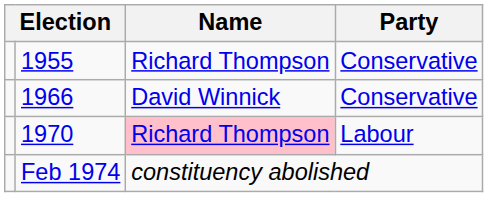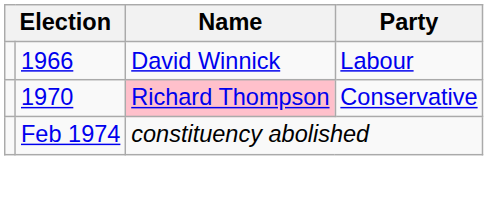 <table class="wikitable">
 <tr>
 <th colspan="2">Election</th>
 <th>Name</th>
 <th>Party</th>
 </tr>
 <tr>
 <td style="color:inherit;background-color: "></td>
-<td><a href='#'>1955</a></td>
-<td><a href='#'>Richard Thompson</a></td>
-<td><a href='#'>Conservative</a></td>
-</tr>
-<tr>
-<td style="color:inherit;background-color: "></td>
 <td><a href='#'>1966</a></td>
 <td><a href='#'>David Winnick</a></td>
-<td><a href='#'>Conservative</a></td>
+<td><a href='#'>Labour</a></td>
 </tr>
 <tr>
 <td style="color:inherit;background-color: "></td>
 <td><a href='#'>1970</a></td>
 <td style="background: pink;"><a href='#'>Richard Thompson</a></td>
-<td><a href='#'>Labour</a></td>
+<td><a href='#'>Conservative</a></td>
 </tr>
 <tr>
 <td></td>
 <td><a href='#'>Feb 1974</a></td>
 <td colspan="2"><em>constituency abolished</em></td>
 </tr>
 </table>
